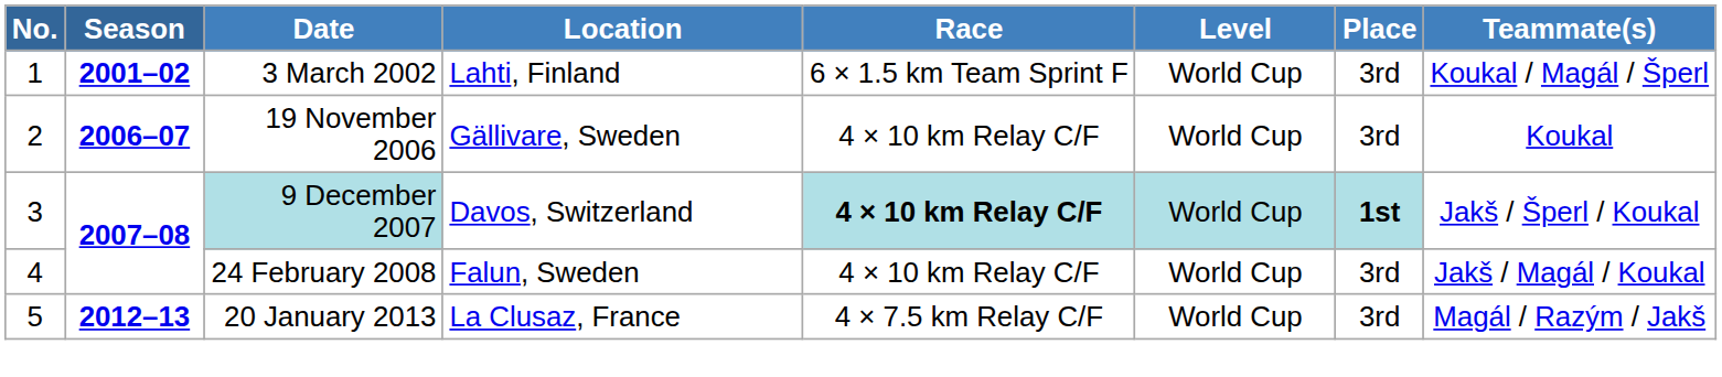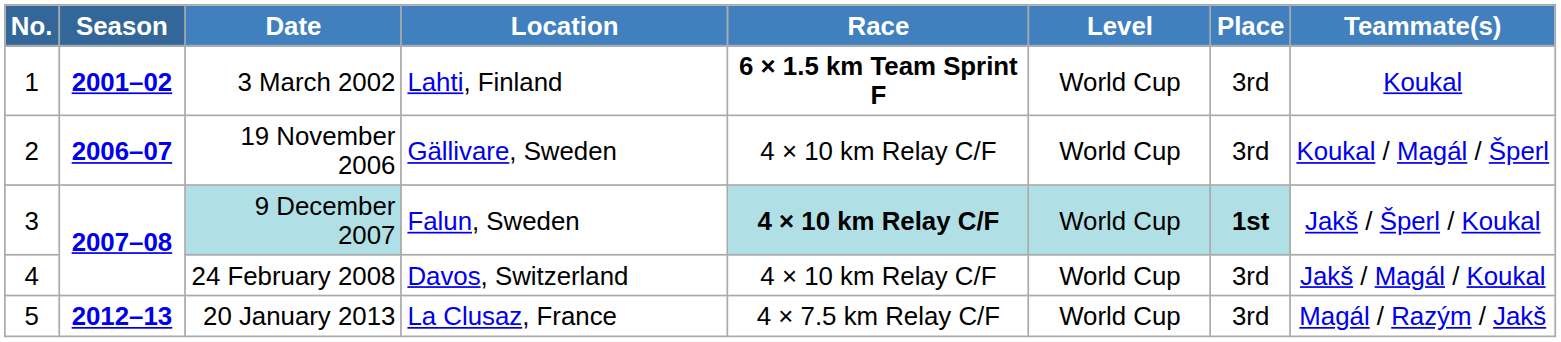 <table class="wikitable sortable" style="font-size:95%; text-align:center; border:grey solid 1px; border-collapse:collapse; background:#ffffff;">
 <tr style="background:#efefef;">
 <th style="background-color:#369; color:white;">No.</th>
 <th style="background-color:#369; color:white;">Season</th>
 <th style="background-color:#4180be; color:white; width:120px;">Date</th>
 <th style="background-color:#4180be; color:white; width:185px;">Location</th>
 <th style="background-color:#4180be; color:white; width:170px;">Race</th>
 <th style="background-color:#4180be; color:white; width:100px;">Level</th>
 <th style="background-color:#4180be; color:white;">Place</th>
 <th style="background-color:#4180be; color:white;">Teammate(s)</th>
 </tr>
 <tr>
 <td align=center>1</td>
 <td rowspan=1 align=center><strong> <a href='#'>2001–02</a> </strong></td>
 <td align=right>3 March 2002</td>
 <td align=left> <a href='#'>Lahti</a>, Finland</td>
-<td>6 × 1.5 km Team Sprint F</td>
+<td><strong>6 × 1.5 km Team Sprint F</strong></td>
 <td>World Cup</td>
 <td>3rd</td>
-<td><a href='#'>Koukal</a> / <a href='#'>Magál</a> / <a href='#'>Šperl</a></td>
+<td><a href='#'>Koukal</a></td>
 </tr>
 <tr>
 <td align=center>2</td>
 <td rowspan=1 align=center><strong> <a href='#'>2006–07</a> </strong></td>
 <td align=right>19 November 2006</td>
 <td align=left> <a href='#'>Gällivare</a>, Sweden</td>
 <td>4 × 10 km Relay C/F</td>
 <td>World Cup</td>
 <td>3rd</td>
-<td><a href='#'>Koukal</a></td>
+<td><a href='#'>Koukal</a> / <a href='#'>Magál</a> / <a href='#'>Šperl</a></td>
 </tr>
 <tr>
 <td align=center>3</td>
 <td rowspan=2 align=center><strong><a href='#'>2007–08</a></strong></td>
 <td bgcolor="#BOEOE6" align=right>9 December 2007</td>
-<td align=left> <a href='#'>Davos</a>, Switzerland</td>
+<td align=left> <a href='#'>Falun</a>, Sweden</td>
 <td bgcolor="#BOEOE6"><strong>4 × 10 km Relay C/F</strong></td>
 <td bgcolor="#BOEOE6">World Cup</td>
 <td bgcolor="#BOEOE6"><strong>1st</strong></td>
 <td><a href='#'>Jakš</a> / <a href='#'>Šperl</a> / <a href='#'>Koukal</a></td>
 </tr>
 <tr>
 <td align=center>4</td>
 <td align=right>24 February 2008</td>
-<td align=left> <a href='#'>Falun</a>, Sweden</td>
+<td align=left> <a href='#'>Davos</a>, Switzerland</td>
 <td>4 × 10 km Relay C/F</td>
 <td>World Cup</td>
 <td>3rd</td>
 <td><a href='#'>Jakš</a> / <a href='#'>Magál</a> / <a href='#'>Koukal</a></td>
 </tr>
 <tr>
 <td align=center>5</td>
 <td rowspan=1 align=center><strong> <a href='#'>2012–13</a> </strong></td>
 <td align=right>20 January 2013</td>
 <td align=left> <a href='#'>La Clusaz</a>, France</td>
 <td>4 × 7.5 km Relay C/F</td>
 <td>World Cup</td>
 <td>3rd</td>
 <td><a href='#'>Magál</a> / <a href='#'>Razým</a> / <a href='#'>Jakš</a></td>
 </tr>
 </table>
